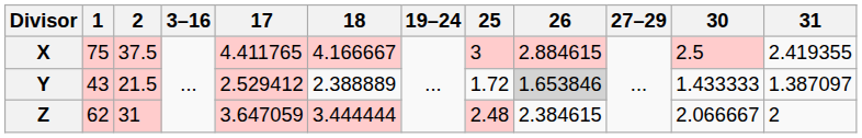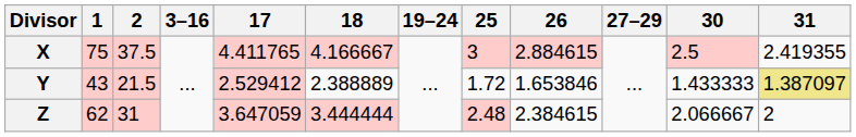 <table class="wikitable">
 <tr>
 <th>Divisor</th>
 <th>1</th>
 <th>2</th>
 <th style="white-space:nowrap">3–16</th>
 <th>17</th>
 <th>18</th>
 <th style="white-space:nowrap">19–24</th>
 <th>25</th>
 <th>26</th>
 <th style="white-space:nowrap">27–29</th>
 <th>30</th>
 <th>31</th>
 </tr>
 <tr>
 <th>X</th>
 <td bgcolor="#ffcccc">75</td>
 <td bgcolor="#ffcccc">37.5</td>
 <td rowspan=3 style="text-align:center">... </td>
 <td bgcolor="#ffcccc">4.411765</td>
 <td bgcolor="#ffcccc">4.166667</td>
 <td rowspan=3 style="text-align:center">...  </td>
 <td bgcolor="#ffcccc">3</td>
 <td bgcolor="#ffcccc">2.884615</td>
 <td rowspan=3 style="text-align:center">... </td>
 <td bgcolor="#ffcccc">2.5</td>
 <td>2.419355</td>
 </tr>
 <tr>
 <th>Y</th>
 <td bgcolor="#ffcccc">43</td>
 <td bgcolor="#ffcccc">21.5<br></td>
 <td bgcolor="#ffcccc">2.529412</td>
 <td>2.388889<br></td>
 <td>1.72</td>
-<td style="background: lightgrey;">1.653846<br></td>
+<td>1.653846<br></td>
 <td>1.433333</td>
-<td>1.387097</td>
+<td style="background: khaki;">1.387097</td>
 </tr>
 <tr>
 <th>Z</th>
 <td bgcolor="#ffcccc">62</td>
 <td bgcolor="#ffcccc">31<br></td>
 <td bgcolor="#ffcccc">3.647059</td>
 <td bgcolor="#ffcccc">3.444444<br></td>
 <td bgcolor="#ffcccc">2.48</td>
 <td>2.384615<br></td>
 <td>2.066667</td>
 <td>2</td>
 </tr>
 </table>
